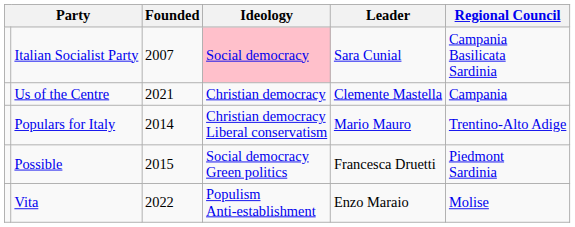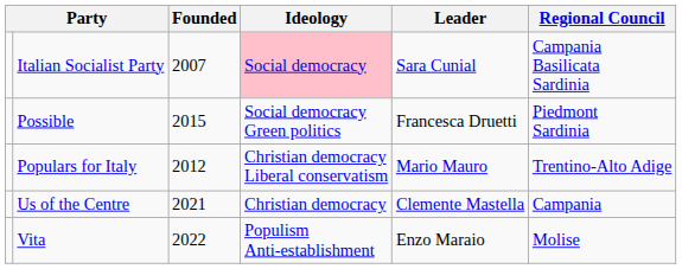 <table class="wikitable">
 <tr>
 <th colspan=2>Party</th>
 <th>Founded</th>
 <th>Ideology</th>
 <th>Leader</th>
 <th><a href='#'>Regional Council</a></th>
 </tr>
 <tr>
 <td></td>
 <td><a href='#'>Italian Socialist Party</a><br></td>
 <td>2007</td>
 <td style="background: pink;"><a href='#'>Social democracy</a></td>
 <td><a href='#'>Sara Cunial</a></td>
 <td><a href='#'>Campania</a><br><a href='#'>Basilicata</a><br><a href='#'>Sardinia</a></td>
 </tr>
 <tr>
 <td></td>
-<td><a href='#'>Us of the Centre</a><br></td>
-<td>2021</td>
-<td><a href='#'>Christian democracy</a></td>
-<td><a href='#'>Clemente Mastella</a></td>
-<td><a href='#'>Campania</a></td>
+<td><a href='#'>Possible</a><br></td>
+<td>2015</td>
+<td><a href='#'>Social democracy</a><br><a href='#'>Green politics</a></td>
+<td>Francesca Druetti</td>
+<td><a href='#'>Piedmont</a><br><a href='#'>Sardinia</a></td>
 </tr>
 <tr>
 <td></td>
 <td><a href='#'>Populars for Italy</a><br></td>
-<td>2014</td>
+<td>2012</td>
 <td><a href='#'>Christian democracy</a><br><a href='#'>Liberal conservatism</a></td>
 <td><a href='#'>Mario Mauro</a></td>
 <td><a href='#'>Trentino-Alto Adige</a></td>
 </tr>
 <tr>
 <td></td>
-<td><a href='#'>Possible</a><br></td>
-<td>2015</td>
-<td><a href='#'>Social democracy</a><br><a href='#'>Green politics</a></td>
-<td>Francesca Druetti</td>
-<td><a href='#'>Piedmont</a><br><a href='#'>Sardinia</a></td>
+<td><a href='#'>Us of the Centre</a><br></td>
+<td>2021</td>
+<td><a href='#'>Christian democracy</a></td>
+<td><a href='#'>Clemente Mastella</a></td>
+<td><a href='#'>Campania</a></td>
 </tr>
 <tr>
 <td></td>
 <td><a href='#'>Vita</a></td>
 <td>2022</td>
 <td><a href='#'>Populism</a><br><a href='#'>Anti-establishment</a></td>
 <td>Enzo Maraio</td>
 <td><a href='#'>Molise</a></td>
 </tr>
 </table>
